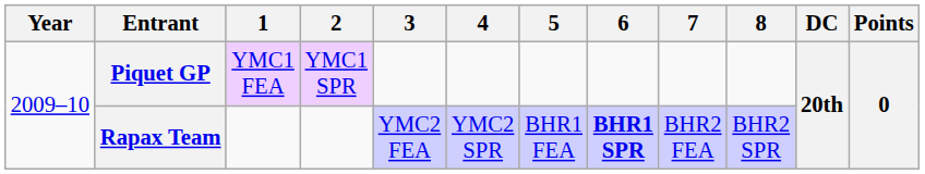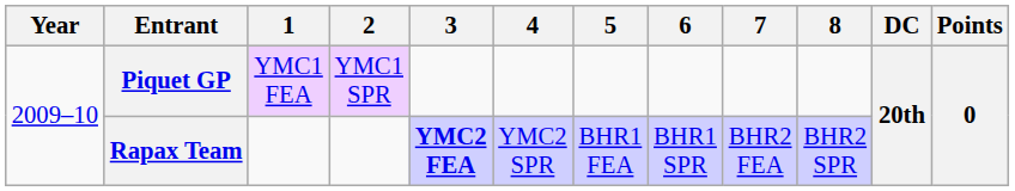 <table class="wikitable" style="text-align:center; font-size:85%">
 <tr>
 <th>Year</th>
 <th>Entrant</th>
 <th>1</th>
 <th>2</th>
 <th>3</th>
 <th>4</th>
 <th>5</th>
 <th>6</th>
 <th>7</th>
 <th>8</th>
 <th>DC</th>
 <th>Points</th>
 </tr>
 <tr>
 <td rowspan=2 nowrap><a href='#'>2009–10</a></td>
 <th nowrap><a href='#'>Piquet GP</a></th>
 <td style="background:#EFCFFF;"><a href='#'>YMC1<br>FEA</a><br></td>
 <td style="background:#EFCFFF;"><a href='#'>YMC1<br>SPR</a><br></td>
 <td></td>
 <td></td>
 <td></td>
 <td></td>
 <td></td>
 <td></td>
 <th rowspan=2>20th</th>
 <th rowspan=2>0</th>
 </tr>
 <tr>
 <th nowrap><a href='#'>Rapax Team</a></th>
 <td></td>
 <td></td>
-<td style="background:#CFCFFF;"><a href='#'>YMC2<br>FEA</a><br></td>
+<td style="background:#CFCFFF;"><strong><a href='#'>YMC2<br>FEA</a><br></strong></td>
 <td style="background:#CFCFFF;"><a href='#'>YMC2<br>SPR</a><br></td>
 <td style="background:#CFCFFF;"><a href='#'>BHR1<br>FEA</a><br></td>
-<td style="background:#CFCFFF;"><strong><a href='#'>BHR1<br>SPR</a><br></strong></td>
+<td style="background:#CFCFFF;"><a href='#'>BHR1<br>SPR</a><br></td>
 <td style="background:#CFCFFF;"><a href='#'>BHR2<br>FEA</a><br></td>
 <td style="background:#CFCFFF;"><a href='#'>BHR2<br>SPR</a><br></td>
 </tr>
 </table>
